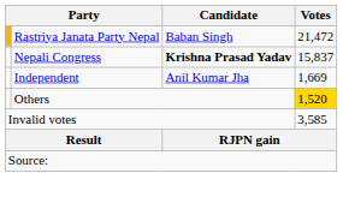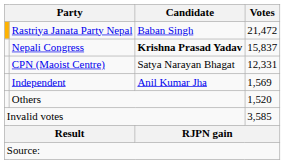 <table class="wikitable">
 <tr>
 <th colspan="2">Party</th>
 <th>Candidate</th>
 <th>Votes</th>
 </tr>
 <tr>
 <td style="background-color:#ffb300"></td>
 <td><a href='#'>Rastriya Janata Party Nepal</a></td>
 <td><a href='#'>Baban Singh</a></td>
 <td>21,472</td>
 </tr>
 <tr>
 <td style="background-color:"></td>
 <td><a href='#'>Nepali Congress</a></td>
 <td><strong>Krishna Prasad Yadav</strong></td>
 <td>15,837</td>
 </tr>
 <tr>
 <td style="background-color:"></td>
+<td><a href='#'>CPN (Maoist Centre)</a></td>
+<td>Satya Narayan Bhagat</td>
+<td>12,331</td>
+</tr>
+<tr>
+<td style="background-color:"></td>
 <td><a href='#'>Independent</a></td>
 <td><a href='#'>Anil Kumar Jha</a></td>
-<td>1,669</td>
+<td>1,569</td>
 </tr>
 <tr>
 <td></td>
 <td colspan="2">Others</td>
-<td style="background: gold;">1,520</td>
+<td>1,520</td>
 </tr>
 <tr>
 <td colspan="3">Invalid votes</td>
 <td>3,585</td>
 </tr>
 <tr>
 <th colspan="2">Result</th>
 <th colspan="2">RJPN gain</th>
 </tr>
 <tr>
 <td colspan="4">Source: </td>
 </tr>
 </table>
